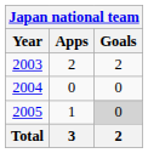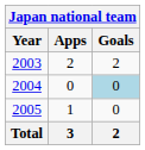 <table class="wikitable" style="text-align:center">
 <tr>
 <th colspan=3><a href='#'>Japan national team</a></th>
 </tr>
 <tr>
 <th>Year</th>
 <th>Apps</th>
 <th>Goals</th>
 </tr>
 <tr>
 <td><a href='#'>2003</a></td>
 <td>2</td>
 <td>2</td>
 </tr>
 <tr>
 <td><a href='#'>2004</a></td>
 <td>0</td>
-<td>0</td>
+<td style="background: lightblue;">0</td>
 </tr>
 <tr>
 <td><a href='#'>2005</a></td>
 <td>1</td>
-<td style="background: lightgrey;">0</td>
+<td>0</td>
 </tr>
 <tr>
 <th>Total</th>
 <th>3</th>
 <th>2</th>
 </tr>
 </table>
